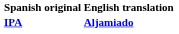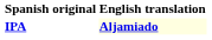 <table role="presentation" class="toccolors">
 <tr>
 <td><strong>Spanish original</strong><br></td>
 <td><strong>English translation</strong><br></td>
 </tr>
 <tr>
 <td><a href='#'><strong>IPA</strong></a><br></td>
-<td><strong><a href='#'>Aljamiado</a></strong><br></td>
+<td style="background: lightyellow;"><strong><a href='#'>Aljamiado</a></strong><br></td>
 </tr>
 </table>
